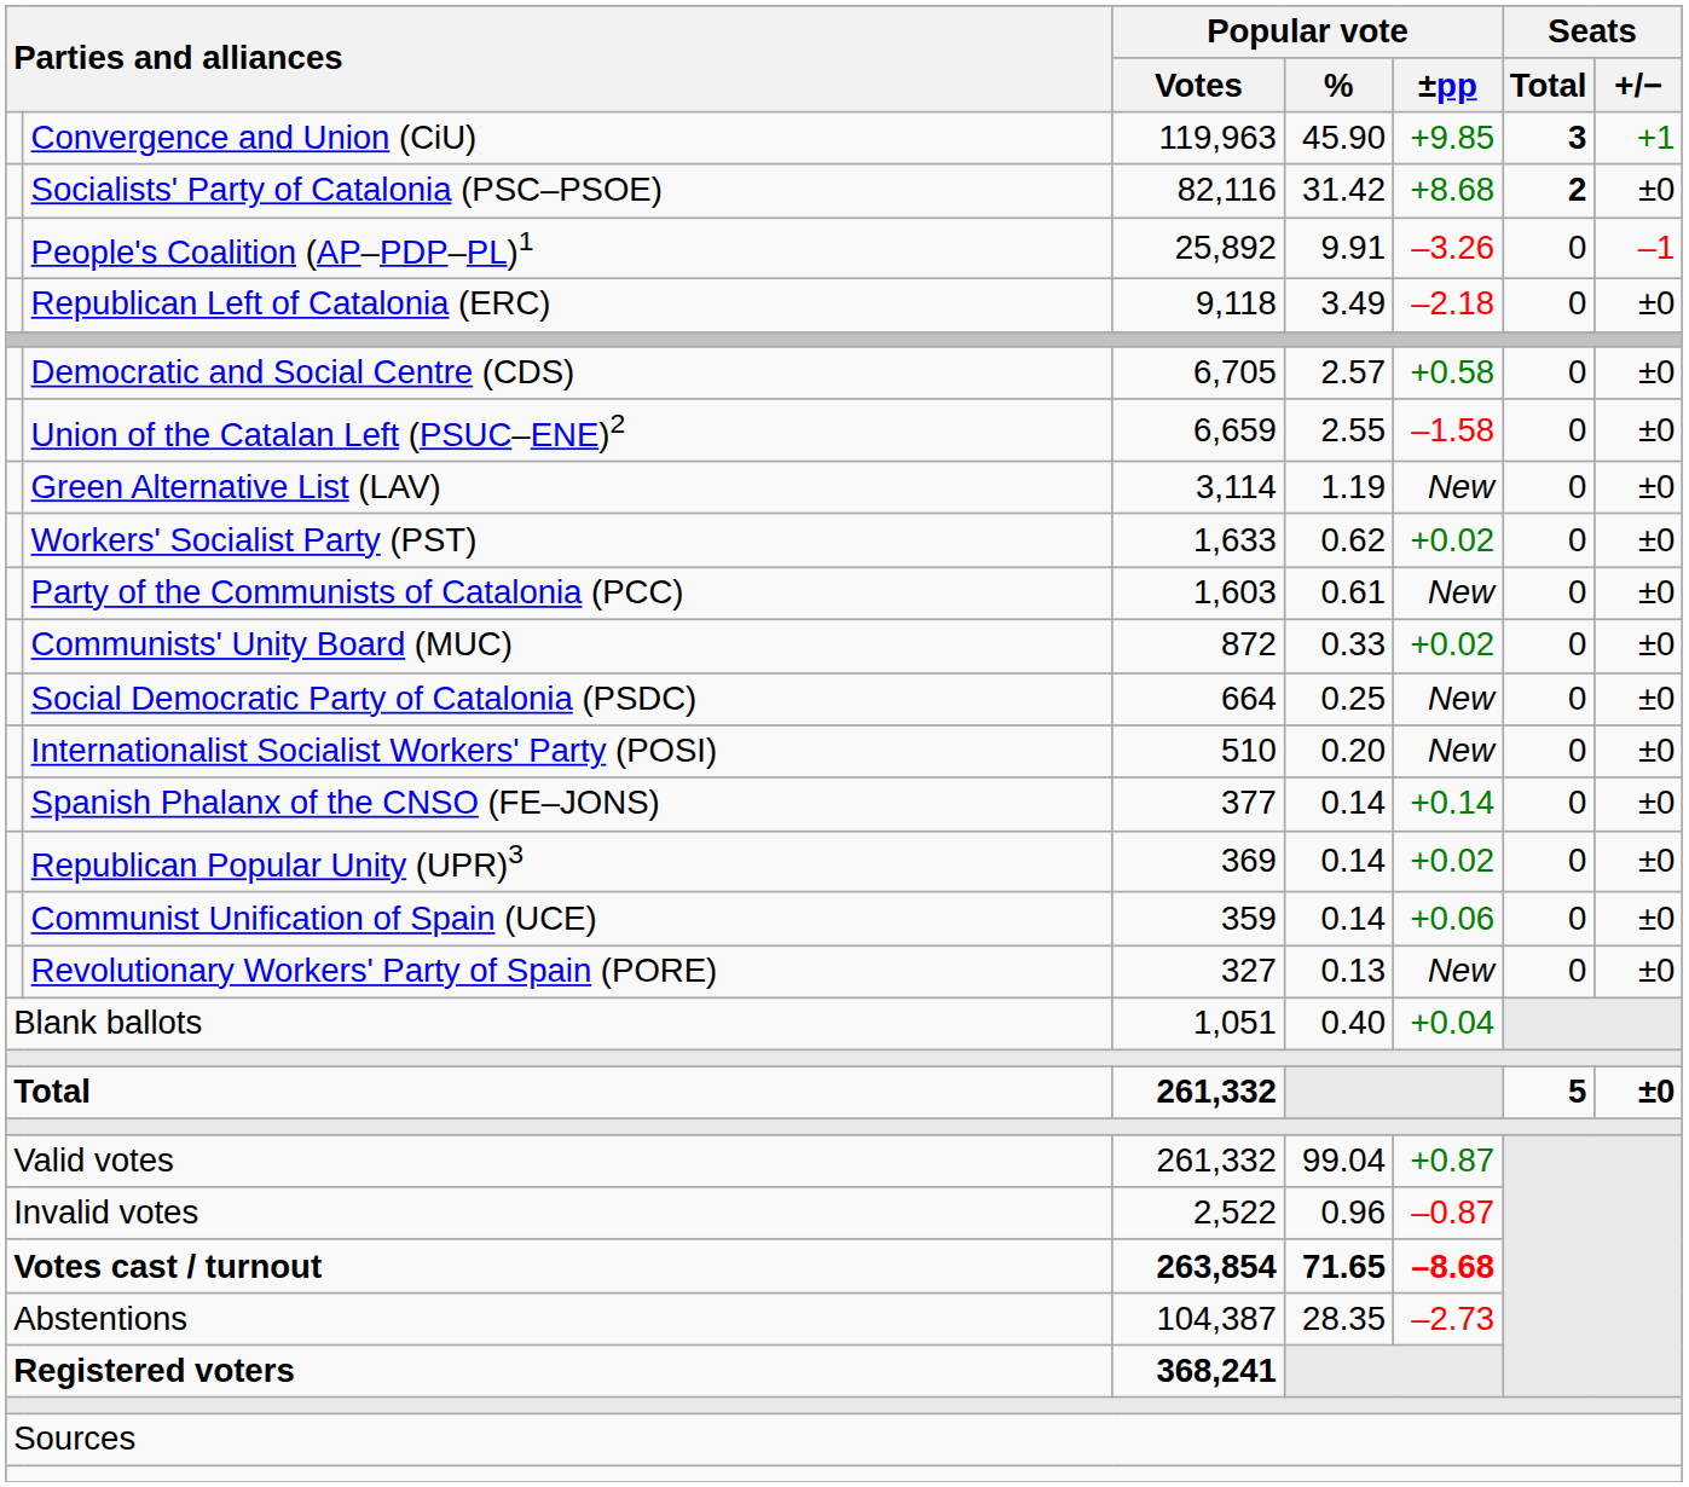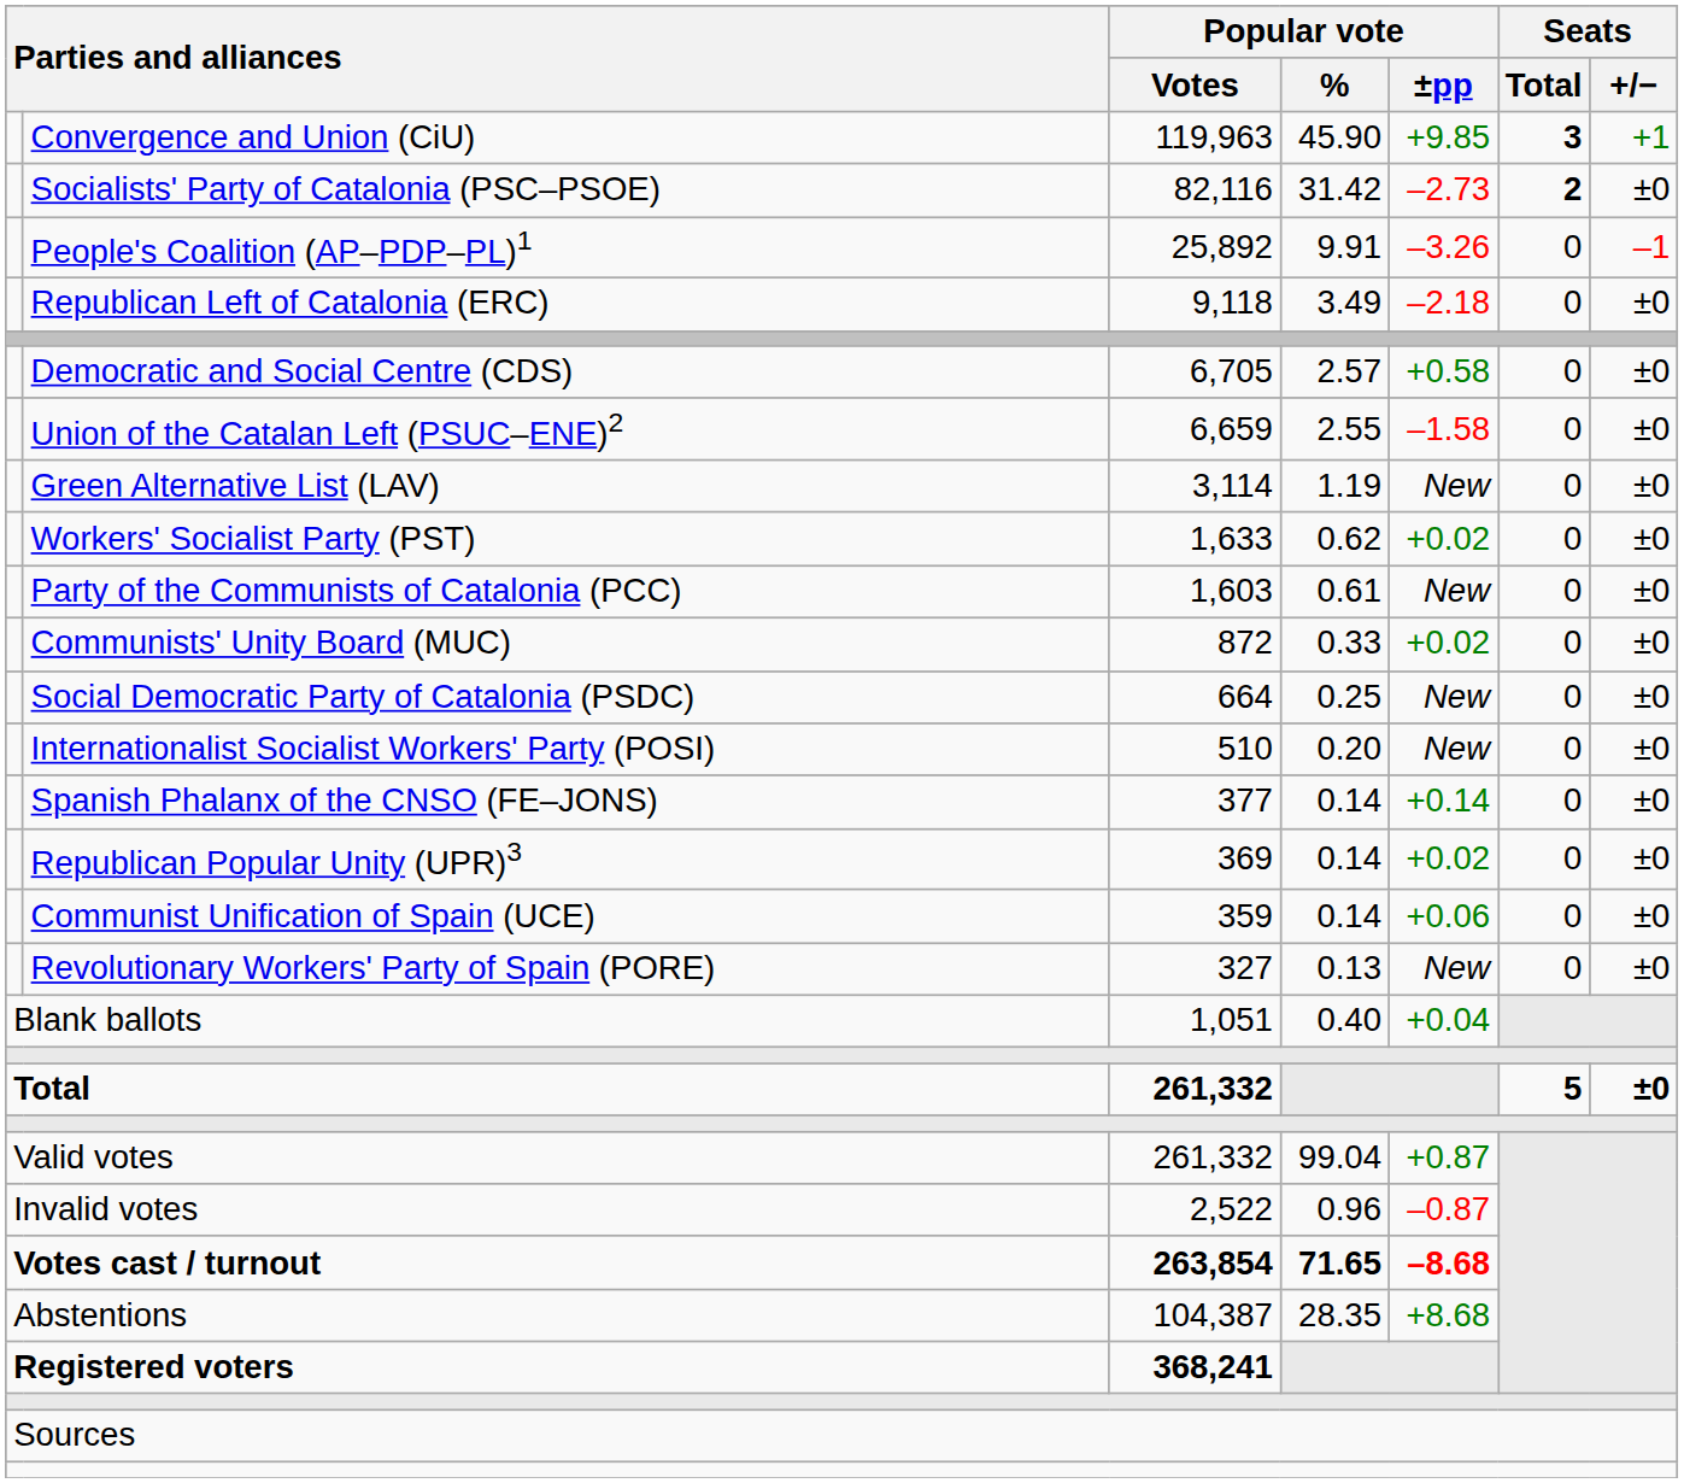 <table class="wikitable" style="text-align:right;">
 <tr>
 <th style="text-align:left;" rowspan="2" colspan="2" width="525">Parties and alliances</th>
 <th colspan="3">Popular vote</th>
 <th colspan="2">Seats</th>
 </tr>
 <tr>
 <th width="75">Votes</th>
 <th width="45">%</th>
 <th width="45">±<a href='#'>pp</a></th>
 <th width="35">Total</th>
 <th width="35">+/−</th>
 </tr>
 <tr>
 <td width="1" style="color:inherit;background:"></td>
 <td align="left"><a href='#'>Convergence and Union</a> (CiU)</td>
 <td>119,963</td>
 <td>45.90</td>
 <td style="color:green;">+9.85</td>
 <td><strong>3</strong></td>
 <td style="color:green;">+1</td>
 </tr>
 <tr>
 <td style="color:inherit;background:"></td>
 <td align="left"><a href='#'>Socialists' Party of Catalonia</a> (PSC–PSOE)</td>
 <td>82,116</td>
 <td>31.42</td>
-<td style="color:green;">+8.68</td>
+<td style="color:red;">–2.73</td>
 <td><strong>2</strong></td>
 <td>±0</td>
 </tr>
 <tr>
 <td style="color:inherit;background:"></td>
 <td align="left"><a href='#'>People's Coalition</a> (<a href='#'>AP</a>–<a href='#'>PDP</a>–<a href='#'>PL</a>)<sup>1</sup></td>
 <td>25,892</td>
 <td>9.91</td>
 <td style="color:red;">–3.26</td>
 <td>0</td>
 <td style="color:red;">–1</td>
 </tr>
 <tr>
 <td style="color:inherit;background:"></td>
 <td align="left"><a href='#'>Republican Left of Catalonia</a> (ERC)</td>
 <td>9,118</td>
 <td>3.49</td>
 <td style="color:red;">–2.18</td>
 <td>0</td>
 <td>±0</td>
 </tr>
 <tr>
 <td colspan="7" bgcolor="#C0C0C0"></td>
 </tr>
 <tr>
 <td style="color:inherit;background:"></td>
 <td align="left"><a href='#'>Democratic and Social Centre</a> (CDS)</td>
 <td>6,705</td>
 <td>2.57</td>
 <td style="color:green;">+0.58</td>
 <td>0</td>
 <td>±0</td>
 </tr>
 <tr>
 <td style="color:inherit;background:"></td>
 <td align="left"><a href='#'>Union of the Catalan Left</a> (<a href='#'>PSUC</a>–<a href='#'>ENE</a>)<sup>2</sup></td>
 <td>6,659</td>
 <td>2.55</td>
 <td style="color:red;">–1.58</td>
 <td>0</td>
 <td>±0</td>
 </tr>
 <tr>
 <td style="color:inherit;background:"></td>
 <td align="left"><a href='#'>Green Alternative List</a> (LAV)</td>
 <td>3,114</td>
 <td>1.19</td>
 <td><em>New</em></td>
 <td>0</td>
 <td>±0</td>
 </tr>
 <tr>
 <td style="color:inherit;background:"></td>
 <td align="left"><a href='#'>Workers' Socialist Party</a> (PST)</td>
 <td>1,633</td>
 <td>0.62</td>
 <td style="color:green;">+0.02</td>
 <td>0</td>
 <td>±0</td>
 </tr>
 <tr>
 <td style="color:inherit;background:"></td>
 <td align="left"><a href='#'>Party of the Communists of Catalonia</a> (PCC)</td>
 <td>1,603</td>
 <td>0.61</td>
 <td><em>New</em></td>
 <td>0</td>
 <td>±0</td>
 </tr>
 <tr>
 <td style="color:inherit;background:"></td>
 <td align="left"><a href='#'>Communists' Unity Board</a> (MUC)</td>
 <td>872</td>
 <td>0.33</td>
 <td style="color:green;">+0.02</td>
 <td>0</td>
 <td>±0</td>
 </tr>
 <tr>
 <td style="color:inherit;background:"></td>
 <td align="left"><a href='#'>Social Democratic Party of Catalonia</a> (PSDC)</td>
 <td>664</td>
 <td>0.25</td>
 <td><em>New</em></td>
 <td>0</td>
 <td>±0</td>
 </tr>
 <tr>
 <td style="color:inherit;background:"></td>
 <td align="left"><a href='#'>Internationalist Socialist Workers' Party</a> (POSI)</td>
 <td>510</td>
 <td>0.20</td>
 <td><em>New</em></td>
 <td>0</td>
 <td>±0</td>
 </tr>
 <tr>
 <td style="color:inherit;background:"></td>
 <td align="left"><a href='#'>Spanish Phalanx of the CNSO</a> (FE–JONS)</td>
 <td>377</td>
 <td>0.14</td>
 <td style="color:green;">+0.14</td>
 <td>0</td>
 <td>±0</td>
 </tr>
 <tr>
 <td style="color:inherit;background:"></td>
 <td align="left"><a href='#'>Republican Popular Unity</a> (UPR)<sup>3</sup></td>
 <td>369</td>
 <td>0.14</td>
 <td style="color:green;">+0.02</td>
 <td>0</td>
 <td>±0</td>
 </tr>
 <tr>
 <td style="color:inherit;background:"></td>
 <td align="left"><a href='#'>Communist Unification of Spain</a> (UCE)</td>
 <td>359</td>
 <td>0.14</td>
 <td style="color:green;">+0.06</td>
 <td>0</td>
 <td>±0</td>
 </tr>
 <tr>
 <td style="color:inherit;background:"></td>
 <td align="left"><a href='#'>Revolutionary Workers' Party of Spain</a> (PORE)</td>
 <td>327</td>
 <td>0.13</td>
 <td><em>New</em></td>
 <td>0</td>
 <td>±0</td>
 </tr>
 <tr>
 <td align="left" colspan="2">Blank ballots</td>
 <td>1,051</td>
 <td>0.40</td>
 <td style="color:green;">+0.04</td>
 <td bgcolor="#E9E9E9" colspan="2"></td>
 </tr>
 <tr>
 <td colspan="7" bgcolor="#E9E9E9"></td>
 </tr>
 <tr style="font-weight:bold;">
 <td align="left" colspan="2">Total</td>
 <td>261,332</td>
 <td bgcolor="#E9E9E9" colspan="2"></td>
 <td>5</td>
 <td>±0</td>
 </tr>
 <tr>
 <td colspan="7" bgcolor="#E9E9E9"></td>
 </tr>
 <tr>
 <td align="left" colspan="2">Valid votes</td>
 <td>261,332</td>
 <td>99.04</td>
 <td style="color:green;">+0.87</td>
 <td bgcolor="#E9E9E9" colspan="2" rowspan="5"></td>
 </tr>
 <tr>
 <td align="left" colspan="2">Invalid votes</td>
 <td>2,522</td>
 <td>0.96</td>
 <td style="color:red;">–0.87</td>
 </tr>
 <tr style="font-weight:bold;">
 <td align="left" colspan="2">Votes cast / turnout</td>
 <td>263,854</td>
 <td>71.65</td>
 <td style="color:red;">–8.68</td>
 </tr>
 <tr>
 <td align="left" colspan="2">Abstentions</td>
 <td>104,387</td>
 <td>28.35</td>
-<td style="color:red;">–2.73</td>
+<td style="color:green;">+8.68</td>
 </tr>
 <tr style="font-weight:bold;">
 <td align="left" colspan="2">Registered voters</td>
 <td>368,241</td>
 <td bgcolor="#E9E9E9" colspan="2"></td>
 </tr>
 <tr>
 <td colspan="7" bgcolor="#E9E9E9"></td>
 </tr>
 <tr>
 <td align="left" colspan="7">Sources</td>
 </tr>
 <tr>
 <td colspan="7" style="text-align:left; max-width:790px;"></td>
 </tr>
 </table>
